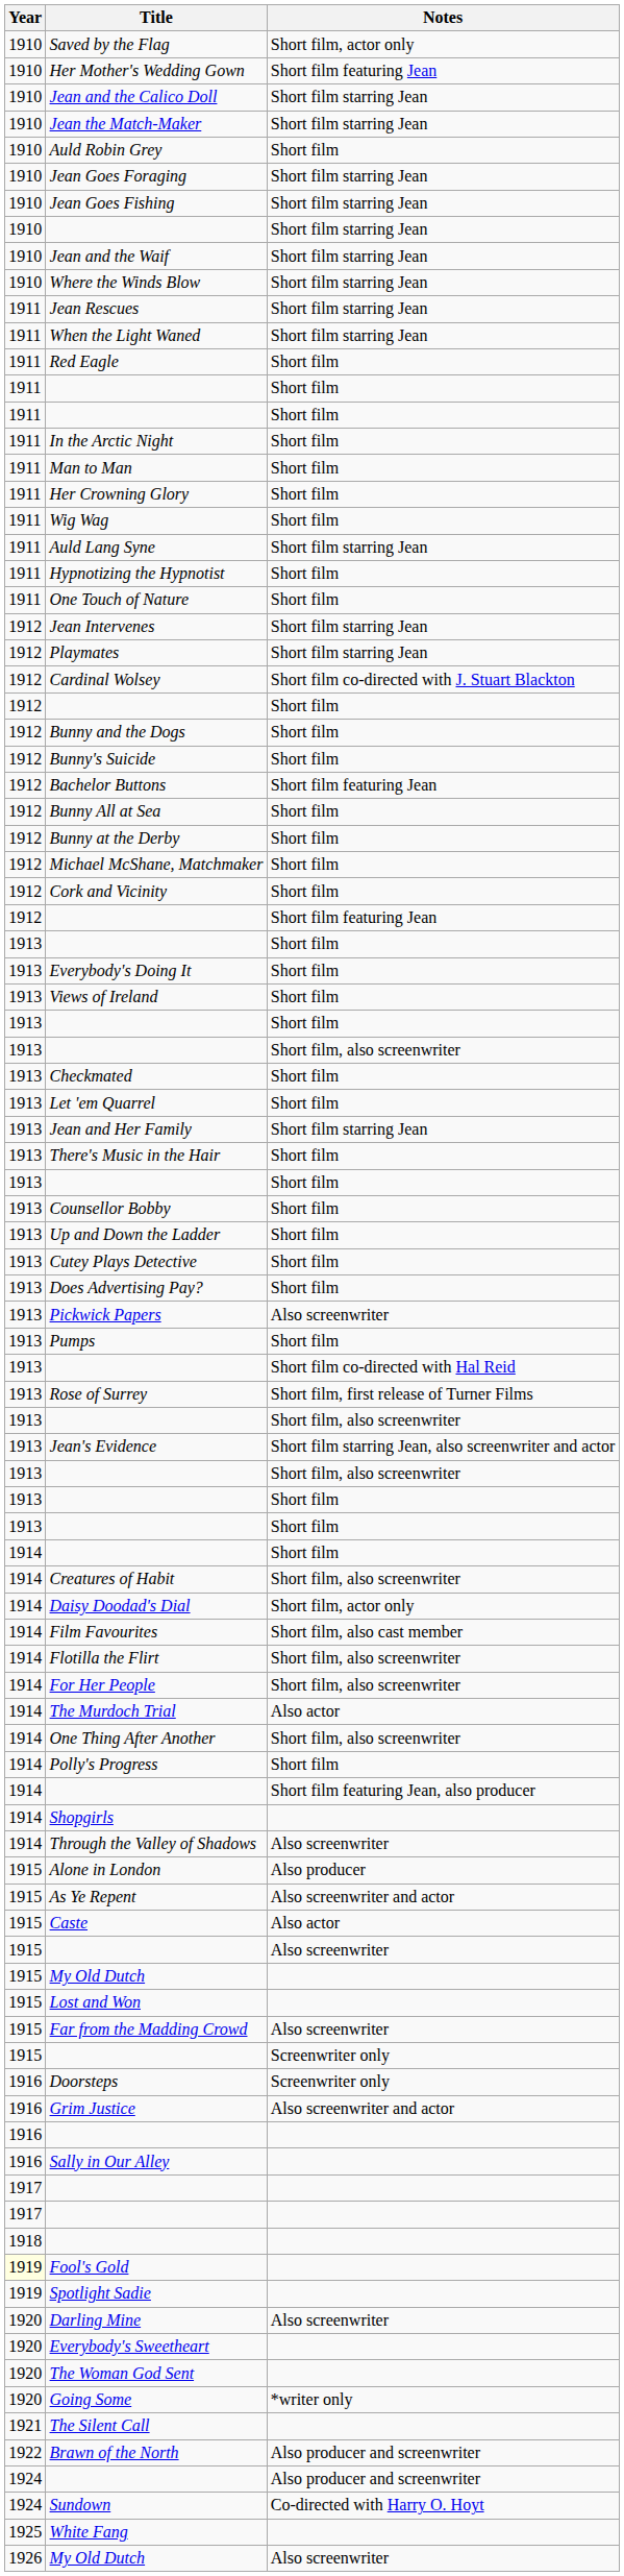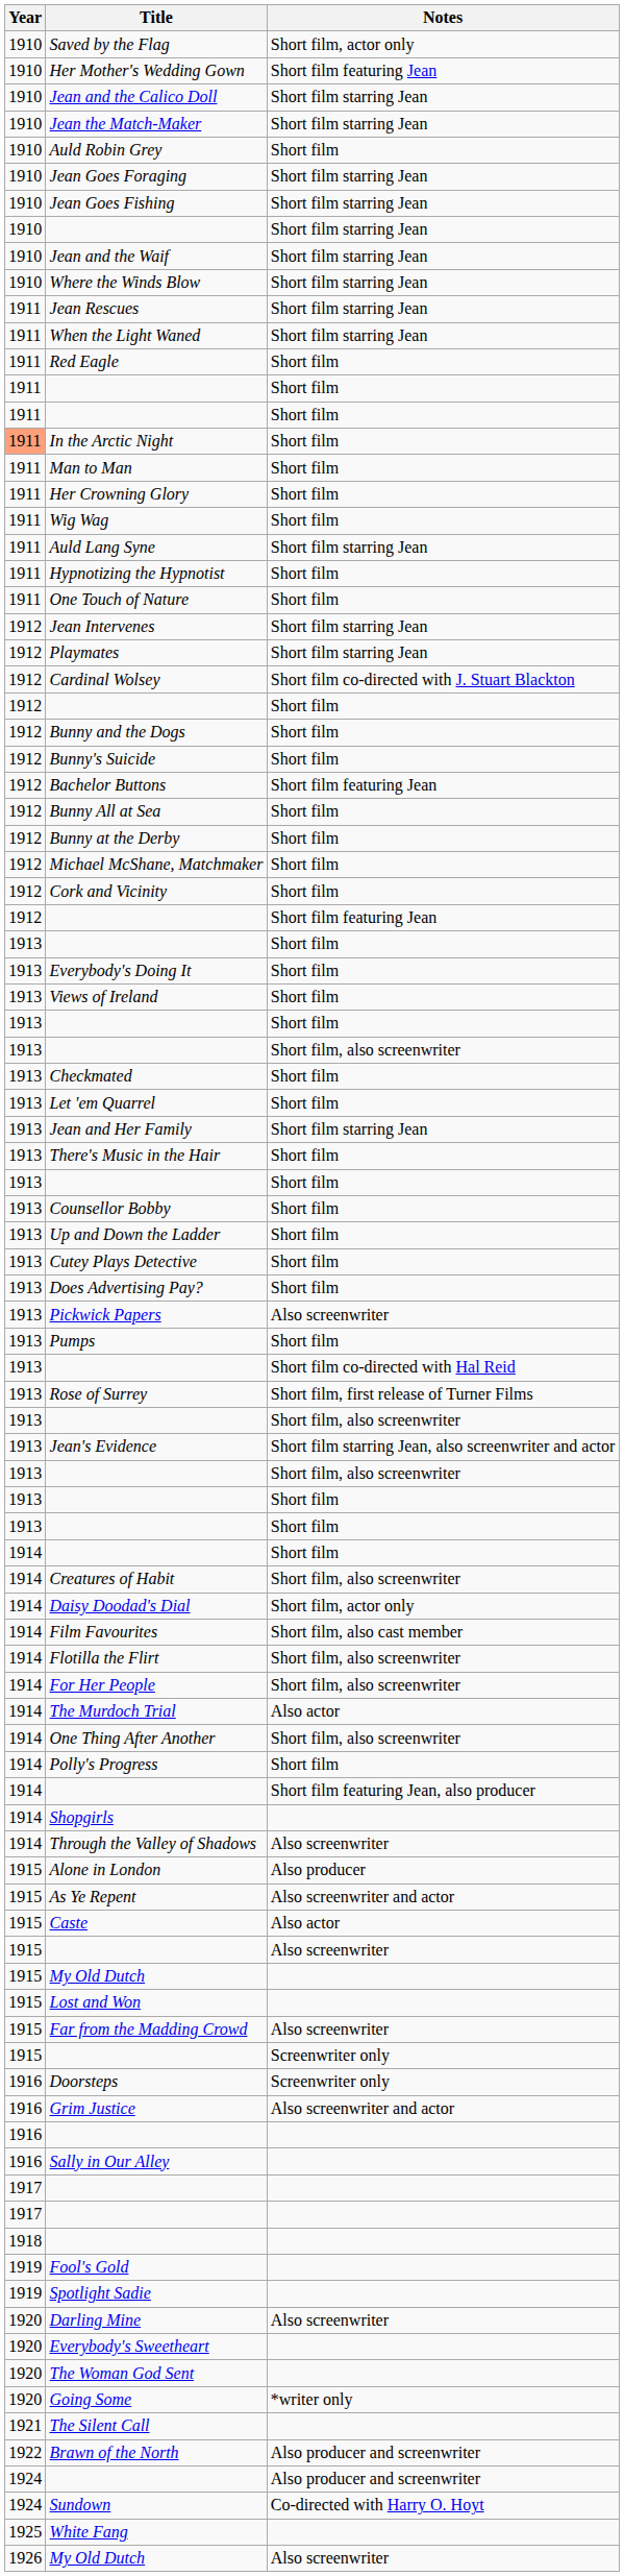 <table class="wikitable sortable">
 <tr>
 <th>Year</th>
 <th>Title</th>
 <th class="unsortable">Notes</th>
 </tr>
 <tr>
 <td>1910</td>
 <td><em>Saved by the Flag</em></td>
 <td>Short film, actor only</td>
 </tr>
 <tr>
 <td>1910</td>
 <td><em>Her Mother's Wedding Gown</em></td>
 <td>Short film featuring <a href='#'>Jean</a></td>
 </tr>
 <tr>
 <td>1910</td>
 <td><em><a href='#'>Jean and the Calico Doll</a></em></td>
 <td>Short film starring Jean</td>
 </tr>
 <tr>
 <td>1910</td>
 <td><em><a href='#'>Jean the Match-Maker</a></em></td>
 <td>Short film starring Jean</td>
 </tr>
 <tr>
 <td>1910</td>
 <td><em>Auld Robin Grey</em></td>
 <td>Short film</td>
 </tr>
 <tr>
 <td>1910</td>
 <td><em>Jean Goes Foraging</em></td>
 <td>Short film starring Jean</td>
 </tr>
 <tr>
 <td>1910</td>
 <td><em>Jean Goes Fishing</em></td>
 <td>Short film starring Jean</td>
 </tr>
 <tr>
 <td>1910</td>
 <td><em></em></td>
 <td>Short film starring Jean</td>
 </tr>
 <tr>
 <td>1910</td>
 <td><em>Jean and the Waif</em></td>
 <td>Short film starring Jean</td>
 </tr>
 <tr>
 <td>1910</td>
 <td><em>Where the Winds Blow</em></td>
 <td>Short film starring Jean</td>
 </tr>
 <tr>
 <td>1911</td>
 <td><em>Jean Rescues</em></td>
 <td>Short film starring Jean</td>
 </tr>
 <tr>
 <td>1911</td>
 <td><em>When the Light Waned</em></td>
 <td>Short film starring Jean</td>
 </tr>
 <tr>
 <td>1911</td>
 <td><em>Red Eagle</em></td>
 <td>Short film</td>
 </tr>
 <tr>
 <td>1911</td>
 <td><em></em></td>
 <td>Short film</td>
 </tr>
 <tr>
 <td>1911</td>
 <td><em></em></td>
 <td>Short film</td>
 </tr>
 <tr>
-<td>1911</td>
+<td style="background: lightsalmon;">1911</td>
 <td><em>In the Arctic Night</em></td>
 <td>Short film</td>
 </tr>
 <tr>
 <td>1911</td>
 <td><em>Man to Man</em></td>
 <td>Short film</td>
 </tr>
 <tr>
 <td>1911</td>
 <td><em>Her Crowning Glory</em></td>
 <td>Short film</td>
 </tr>
 <tr>
 <td>1911</td>
 <td><em>Wig Wag</em></td>
 <td>Short film</td>
 </tr>
 <tr>
 <td>1911</td>
 <td><em>Auld Lang Syne</em></td>
 <td>Short film starring Jean</td>
 </tr>
 <tr>
 <td>1911</td>
 <td><em>Hypnotizing the Hypnotist</em></td>
 <td>Short film</td>
 </tr>
 <tr>
 <td>1911</td>
 <td><em>One Touch of Nature</em></td>
 <td>Short film</td>
 </tr>
 <tr>
 <td>1912</td>
 <td><em>Jean Intervenes</em></td>
 <td>Short film starring Jean</td>
 </tr>
 <tr>
 <td>1912</td>
 <td><em>Playmates</em></td>
 <td>Short film starring Jean</td>
 </tr>
 <tr>
 <td>1912</td>
 <td><em>Cardinal Wolsey</em></td>
 <td>Short film co-directed with <a href='#'>J. Stuart Blackton</a></td>
 </tr>
 <tr>
 <td>1912</td>
 <td><em></em></td>
 <td>Short film</td>
 </tr>
 <tr>
 <td>1912</td>
 <td><em>Bunny and the Dogs</em></td>
 <td>Short film</td>
 </tr>
 <tr>
 <td>1912</td>
 <td><em>Bunny's Suicide</em></td>
 <td>Short film</td>
 </tr>
 <tr>
 <td>1912</td>
 <td><em>Bachelor Buttons</em></td>
 <td>Short film featuring Jean</td>
 </tr>
 <tr>
 <td>1912</td>
 <td><em>Bunny All at Sea</em></td>
 <td>Short film</td>
 </tr>
 <tr>
 <td>1912</td>
 <td><em>Bunny at the Derby</em></td>
 <td>Short film</td>
 </tr>
 <tr>
 <td>1912</td>
 <td><em>Michael McShane, Matchmaker</em></td>
 <td>Short film</td>
 </tr>
 <tr>
 <td>1912</td>
 <td><em>Cork and Vicinity</em></td>
 <td>Short film</td>
 </tr>
 <tr>
 <td>1912</td>
 <td><em></em></td>
 <td>Short film featuring Jean</td>
 </tr>
 <tr>
 <td>1913</td>
 <td><em></em></td>
 <td>Short film</td>
 </tr>
 <tr>
 <td>1913</td>
 <td><em>Everybody's Doing It</em></td>
 <td>Short film</td>
 </tr>
 <tr>
 <td>1913</td>
 <td><em>Views of Ireland</em></td>
 <td>Short film</td>
 </tr>
 <tr>
 <td>1913</td>
 <td><em></em></td>
 <td>Short film</td>
 </tr>
 <tr>
 <td>1913</td>
 <td><em></em></td>
 <td>Short film, also screenwriter</td>
 </tr>
 <tr>
 <td>1913</td>
 <td><em>Checkmated</em></td>
 <td>Short film</td>
 </tr>
 <tr>
 <td>1913</td>
 <td><em>Let 'em Quarrel</em></td>
 <td>Short film</td>
 </tr>
 <tr>
 <td>1913</td>
 <td><em>Jean and Her Family</em></td>
 <td>Short film starring Jean</td>
 </tr>
 <tr>
 <td>1913</td>
 <td><em>There's Music in the Hair</em></td>
 <td>Short film</td>
 </tr>
 <tr>
 <td>1913</td>
 <td><em></em></td>
 <td>Short film</td>
 </tr>
 <tr>
 <td>1913</td>
 <td><em>Counsellor Bobby</em></td>
 <td>Short film</td>
 </tr>
 <tr>
 <td>1913</td>
 <td><em>Up and Down the Ladder</em></td>
 <td>Short film</td>
 </tr>
 <tr>
 <td>1913</td>
 <td><em>Cutey Plays Detective</em></td>
 <td>Short film</td>
 </tr>
 <tr>
 <td>1913</td>
 <td><em>Does Advertising Pay?</em></td>
 <td>Short film</td>
 </tr>
 <tr>
 <td>1913</td>
 <td><em><a href='#'>Pickwick Papers</a></em></td>
 <td>Also screenwriter</td>
 </tr>
 <tr>
 <td>1913</td>
 <td><em>Pumps</em></td>
 <td>Short film</td>
 </tr>
 <tr>
 <td>1913</td>
 <td><em></em></td>
 <td>Short film co-directed with <a href='#'>Hal Reid</a></td>
 </tr>
 <tr>
 <td>1913</td>
 <td><em>Rose of Surrey</em></td>
 <td>Short film, first release of Turner Films</td>
 </tr>
 <tr>
 <td>1913</td>
 <td><em></em></td>
 <td>Short film, also screenwriter</td>
 </tr>
 <tr>
 <td>1913</td>
 <td><em>Jean's Evidence</em></td>
 <td>Short film starring Jean, also screenwriter and actor</td>
 </tr>
 <tr>
 <td>1913</td>
 <td><em></em></td>
 <td>Short film, also screenwriter</td>
 </tr>
 <tr>
 <td>1913</td>
 <td><em></em></td>
 <td>Short film</td>
 </tr>
 <tr>
 <td>1913</td>
 <td><em></em></td>
 <td>Short film</td>
 </tr>
 <tr>
 <td>1914</td>
 <td><em></em></td>
 <td>Short film</td>
 </tr>
 <tr>
 <td>1914</td>
 <td><em>Creatures of Habit</em></td>
 <td>Short film, also screenwriter</td>
 </tr>
 <tr>
 <td>1914</td>
 <td><em><a href='#'>Daisy Doodad's Dial</a></em></td>
 <td>Short film, actor only</td>
 </tr>
 <tr>
 <td>1914</td>
 <td><em>Film Favourites</em></td>
 <td>Short film, also cast member</td>
 </tr>
 <tr>
 <td>1914</td>
 <td><em>Flotilla the Flirt</em></td>
 <td>Short film, also screenwriter</td>
 </tr>
 <tr>
 <td>1914</td>
 <td><em><a href='#'>For Her People</a></em></td>
 <td>Short film, also screenwriter</td>
 </tr>
 <tr>
 <td>1914</td>
 <td><em><a href='#'>The Murdoch Trial</a></em></td>
 <td>Also actor</td>
 </tr>
 <tr>
 <td>1914</td>
 <td><em>One Thing After Another</em></td>
 <td>Short film, also screenwriter</td>
 </tr>
 <tr>
 <td>1914</td>
 <td><em>Polly's Progress</em></td>
 <td>Short film</td>
 </tr>
 <tr>
 <td>1914</td>
 <td><em></em></td>
 <td>Short film featuring Jean, also producer</td>
 </tr>
 <tr>
 <td>1914</td>
 <td><em><a href='#'>Shopgirls</a></em></td>
 <td></td>
 </tr>
 <tr>
 <td>1914</td>
 <td><em>Through the Valley of Shadows</em></td>
 <td>Also screenwriter</td>
 </tr>
 <tr>
 <td>1915</td>
 <td><em>Alone in London</em></td>
 <td>Also producer</td>
 </tr>
 <tr>
 <td>1915</td>
 <td><em>As Ye Repent</em></td>
 <td>Also screenwriter and actor</td>
 </tr>
 <tr>
 <td>1915</td>
 <td><em><a href='#'>Caste</a></em></td>
 <td>Also actor</td>
 </tr>
 <tr>
 <td>1915</td>
 <td><em></em></td>
 <td>Also screenwriter</td>
 </tr>
 <tr>
 <td>1915</td>
 <td><em><a href='#'>My Old Dutch</a></em></td>
 <td></td>
 </tr>
 <tr>
 <td>1915</td>
 <td><em><a href='#'>Lost and Won</a></em></td>
 <td></td>
 </tr>
 <tr>
 <td>1915</td>
 <td><em><a href='#'>Far from the Madding Crowd</a></em></td>
 <td>Also screenwriter</td>
 </tr>
 <tr>
 <td>1915</td>
 <td><em></em></td>
 <td>Screenwriter only</td>
 </tr>
 <tr>
 <td>1916</td>
 <td><em>Doorsteps</em></td>
 <td>Screenwriter only</td>
 </tr>
 <tr>
 <td>1916</td>
 <td><em><a href='#'>Grim Justice</a></em></td>
 <td>Also screenwriter and actor</td>
 </tr>
 <tr>
 <td>1916</td>
 <td><em></em></td>
 <td></td>
 </tr>
 <tr>
 <td>1916</td>
 <td><em><a href='#'>Sally in Our Alley</a></em></td>
 <td></td>
 </tr>
 <tr>
 <td>1917</td>
 <td><em></em></td>
 <td></td>
 </tr>
 <tr>
 <td>1917</td>
 <td><em></em></td>
 <td></td>
 </tr>
 <tr>
 <td>1918</td>
 <td><em></em></td>
 <td></td>
 </tr>
 <tr>
-<td style="background: lightyellow;">1919</td>
+<td>1919</td>
 <td><em><a href='#'>Fool's Gold</a></em></td>
 <td></td>
 </tr>
 <tr>
 <td>1919</td>
 <td><em><a href='#'>Spotlight Sadie</a></em></td>
 <td></td>
 </tr>
 <tr>
 <td>1920</td>
 <td><em><a href='#'>Darling Mine</a></em></td>
 <td>Also screenwriter</td>
 </tr>
 <tr>
 <td>1920</td>
 <td><em><a href='#'>Everybody's Sweetheart</a></em></td>
 <td></td>
 </tr>
 <tr>
 <td>1920</td>
 <td><em><a href='#'>The Woman God Sent</a></em></td>
 <td></td>
 </tr>
 <tr>
 <td>1920</td>
 <td><em><a href='#'>Going Some</a></em></td>
 <td>*writer only</td>
 </tr>
 <tr>
 <td>1921</td>
 <td><em><a href='#'>The Silent Call</a></em></td>
 <td></td>
 </tr>
 <tr>
 <td>1922</td>
 <td><em><a href='#'>Brawn of the North</a></em></td>
 <td>Also producer and screenwriter</td>
 </tr>
 <tr>
 <td>1924</td>
 <td><em></em></td>
 <td>Also producer and screenwriter</td>
 </tr>
 <tr>
 <td>1924</td>
 <td><em><a href='#'>Sundown</a></em></td>
 <td>Co-directed with <a href='#'>Harry O. Hoyt</a></td>
 </tr>
 <tr>
 <td>1925</td>
 <td><em><a href='#'>White Fang</a></em></td>
 <td></td>
 </tr>
 <tr>
 <td>1926</td>
 <td><em><a href='#'>My Old Dutch</a></em></td>
 <td>Also screenwriter</td>
 </tr>
 </table>
